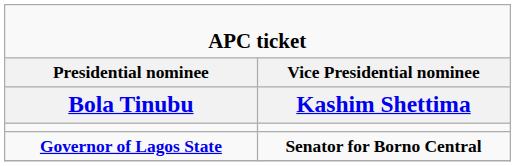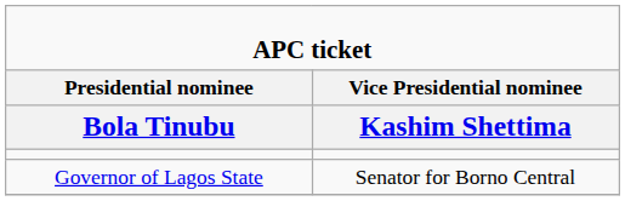 <table class="wikitable" style="font-size:90%; text-align:center;">
 <tr>
 <td colspan="5" style="background:"><br><big><strong>APC ticket</strong></big></td>
 </tr>
 <tr>
 <th>Presidential nominee</th>
 <th>Vice Presidential nominee</th>
 </tr>
 <tr>
 <th style="width:3em; font-size:135%; width:200px;"><a href='#'>Bola Tinubu</a></th>
 <th style="width:3em; font-size:135%; width:200px;"><a href='#'>Kashim Shettima</a></th>
 </tr>
 <tr>
 <td></td>
 <td></td>
 </tr>
 <tr>
-<td><strong><a href='#'>Governor of Lagos State</a><br></strong></td>
-<td><strong>Senator for Borno Central<br></strong></td>
+<td><a href='#'>Governor of Lagos State</a><br></td>
+<td>Senator for Borno Central<br></td>
 </tr>
 <tr>
 </tr>
 </table>
